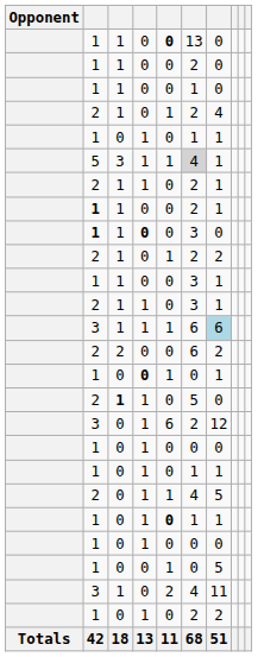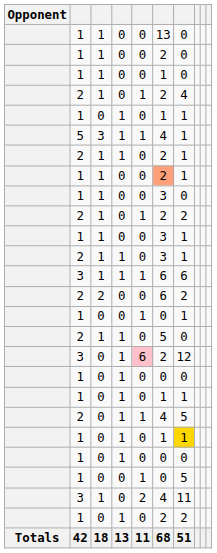 <table class="wikitable plainrowheaders sortable" style="text-align:center">
 <tr>
 <th scope=col>Opponent</th>
 <th scope=col></th>
 <th scope=col></th>
 <th scope=col></th>
 <th scope=col></th>
 <th scope=col></th>
 <th scope=col></th>
 <th scope=col></th>
 <th scope=col></th>
 <th scope=col></th>
 </tr>
 <tr>
 <th scope=row style="text-align:left;"></th>
 <td>1</td>
 <td>1</td>
 <td>0</td>
-<td><strong>0</strong></td>
+<td>0</td>
 <td>13</td>
 <td>0</td>
 <td></td>
 <td></td>
 <td></td>
 </tr>
 <tr>
 <th scope=row style="text-align:left;"></th>
 <td>1</td>
 <td>1</td>
 <td>0</td>
 <td>0</td>
 <td>2</td>
 <td>0</td>
 <td></td>
 <td></td>
 <td></td>
 </tr>
 <tr>
 <th scope=row style="text-align:left;"></th>
 <td>1</td>
 <td>1</td>
 <td>0</td>
 <td>0</td>
 <td>1</td>
 <td>0</td>
 <td></td>
 <td></td>
 <td></td>
 </tr>
 <tr>
 <th scope=row style="text-align:left;"></th>
 <td>2</td>
 <td>1</td>
 <td>0</td>
 <td>1</td>
 <td>2</td>
 <td>4</td>
 <td></td>
 <td></td>
 <td></td>
 </tr>
 <tr>
 <th scope=row style="text-align:left;"></th>
 <td>1</td>
 <td>0</td>
 <td>1</td>
 <td>0</td>
 <td>1</td>
 <td>1</td>
 <td></td>
 <td></td>
 <td></td>
 </tr>
 <tr>
 <th scope=row style="text-align:left;"></th>
 <td>5</td>
 <td>3</td>
 <td>1</td>
 <td>1</td>
-<td style="background: lightgrey;">4</td>
+<td>4</td>
 <td>1</td>
 <td></td>
 <td></td>
 <td></td>
 </tr>
 <tr>
 <th scope=row style="text-align:left;"></th>
 <td>2</td>
 <td>1</td>
 <td>1</td>
 <td>0</td>
 <td>2</td>
 <td>1</td>
 <td></td>
 <td></td>
 <td></td>
 </tr>
 <tr>
 <th scope=row style="text-align:left;"></th>
-<td><strong>1</strong></td>
+<td>1</td>
 <td>1</td>
 <td>0</td>
 <td>0</td>
-<td>2</td>
+<td style="background: lightsalmon;">2</td>
 <td>1</td>
 <td></td>
 <td></td>
 <td></td>
 </tr>
 <tr>
 <th scope=row style="text-align:left;"></th>
-<td><strong>1</strong></td>
 <td>1</td>
-<td><strong>0</strong></td>
+<td>1</td>
+<td>0</td>
 <td>0</td>
 <td>3</td>
 <td>0</td>
 <td></td>
 <td></td>
 <td></td>
 </tr>
 <tr>
 <th scope=row style="text-align:left;"></th>
 <td>2</td>
 <td>1</td>
 <td>0</td>
 <td>1</td>
 <td>2</td>
 <td>2</td>
 <td></td>
 <td></td>
 <td></td>
 </tr>
 <tr>
 <th scope=row style="text-align:left;"></th>
 <td>1</td>
 <td>1</td>
 <td>0</td>
 <td>0</td>
 <td>3</td>
 <td>1</td>
 <td></td>
 <td></td>
 <td></td>
 </tr>
 <tr>
 <th scope=row style="text-align:left;"></th>
 <td>2</td>
 <td>1</td>
 <td>1</td>
 <td>0</td>
 <td>3</td>
 <td>1</td>
 <td></td>
 <td></td>
 <td></td>
 </tr>
 <tr>
 <th scope=row style="text-align:left;"></th>
 <td>3</td>
 <td>1</td>
 <td>1</td>
 <td>1</td>
 <td>6</td>
-<td style="background: lightblue;">6</td>
+<td>6</td>
 <td></td>
 <td></td>
 <td></td>
 </tr>
 <tr>
 <th scope=row style="text-align:left;"></th>
 <td>2</td>
 <td>2</td>
 <td>0</td>
 <td>0</td>
 <td>6</td>
 <td>2</td>
 <td></td>
 <td></td>
 <td></td>
 </tr>
 <tr>
 <th scope=row style="text-align:left;"></th>
 <td>1</td>
 <td>0</td>
-<td><strong>0</strong></td>
+<td>0</td>
 <td>1</td>
 <td>0</td>
 <td>1</td>
 <td></td>
 <td></td>
 <td></td>
 </tr>
 <tr>
 <th scope=row style="text-align:left;"></th>
 <td>2</td>
-<td><strong>1</strong></td>
+<td>1</td>
 <td>1</td>
 <td>0</td>
 <td>5</td>
 <td>0</td>
 <td></td>
 <td></td>
 <td></td>
 </tr>
 <tr>
 <th scope=row style="text-align:left;"></th>
 <td>3</td>
 <td>0</td>
 <td>1</td>
-<td>6</td>
+<td style="background: pink;">6</td>
 <td>2</td>
 <td>12</td>
 <td></td>
 <td></td>
 <td></td>
 </tr>
 <tr>
 <th scope=row style="text-align:left;"></th>
 <td>1</td>
 <td>0</td>
 <td>1</td>
 <td>0</td>
 <td>0</td>
 <td>0</td>
 <td></td>
 <td></td>
 <td></td>
 </tr>
 <tr>
 <th scope=row style="text-align:left;"></th>
 <td>1</td>
 <td>0</td>
 <td>1</td>
 <td>0</td>
 <td>1</td>
 <td>1</td>
 <td></td>
 <td></td>
 <td></td>
 </tr>
 <tr>
 <th scope=row style="text-align:left;"></th>
 <td>2</td>
 <td>0</td>
 <td>1</td>
 <td>1</td>
 <td>4</td>
 <td>5</td>
 <td></td>
 <td></td>
 <td></td>
 </tr>
 <tr>
 <th scope=row style="text-align:left;"></th>
 <td>1</td>
 <td>0</td>
 <td>1</td>
-<td><strong>0</strong></td>
+<td>0</td>
 <td>1</td>
-<td>1</td>
+<td style="background: gold;">1</td>
 <td></td>
 <td></td>
 <td></td>
 </tr>
 <tr>
 <th scope=row style="text-align:left;"></th>
 <td>1</td>
 <td>0</td>
 <td>1</td>
 <td>0</td>
 <td>0</td>
 <td>0</td>
 <td></td>
 <td></td>
 <td></td>
 </tr>
 <tr>
 <th scope=row style="text-align:left;"></th>
 <td>1</td>
 <td>0</td>
 <td>0</td>
 <td>1</td>
 <td>0</td>
 <td>5</td>
 <td></td>
 <td></td>
 <td></td>
 </tr>
 <tr>
 <th scope=row style="text-align:left;"></th>
 <td>3</td>
 <td>1</td>
 <td>0</td>
 <td>2</td>
 <td>4</td>
 <td>11</td>
 <td></td>
 <td></td>
 <td></td>
 </tr>
 <tr>
 <th scope=row style="text-align:left;"></th>
 <td>1</td>
 <td>0</td>
 <td>1</td>
 <td>0</td>
 <td>2</td>
 <td>2</td>
 <td></td>
 <td></td>
 <td></td>
 </tr>
 <tr class="sortbottom">
 <th>Totals</th>
 <th>42</th>
 <th>18</th>
 <th>13</th>
 <th>11</th>
 <th>68</th>
 <th>51</th>
 <th></th>
 <th></th>
 <th></th>
 </tr>
 </table>
